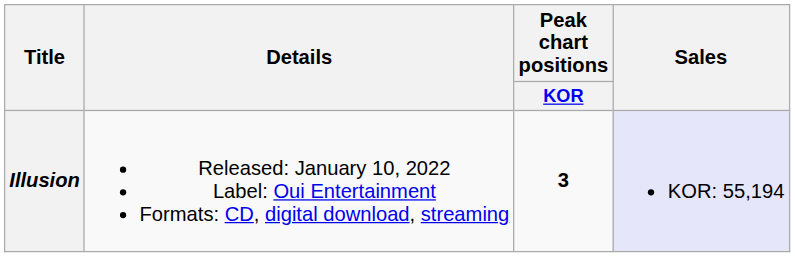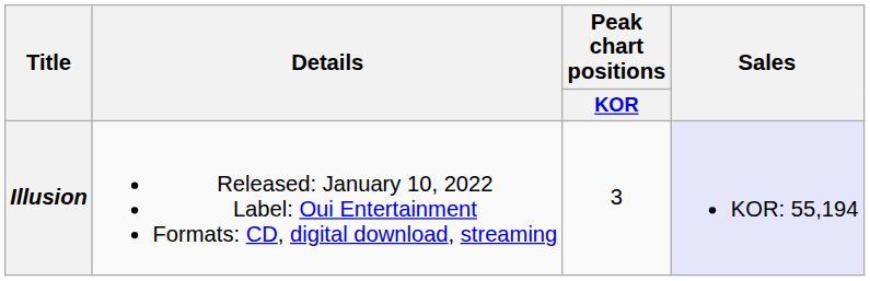 <table class="wikitable plainrowheaders" style="text-align:center">
 <tr>
 <th scope="col" rowspan="2">Title</th>
 <th scope="col" rowspan="2">Details</th>
 <th scope="col">Peak chart<br>positions</th>
 <th scope="col" rowspan="2">Sales</th>
 </tr>
 <tr>
 <th scope="col" style="font-size:90%; width:2.5em"><a href='#'>KOR</a><br></th>
 </tr>
 <tr>
 <th scope="row"><em>Illusion</em></th>
 <td><br><ul><li>Released: January 10, 2022</li><li>Label: <a href='#'>Oui Entertainment</a></li><li>Formats: <a href='#'>CD</a>, <a href='#'>digital download</a>, <a href='#'>streaming</a></li></ul></td>
-<td><strong>3</strong></td>
+<td>3</td>
 <td style="background: lavender;"><br><ul><li>KOR: 55,194</li></ul></td>
 </tr>
 </table>
